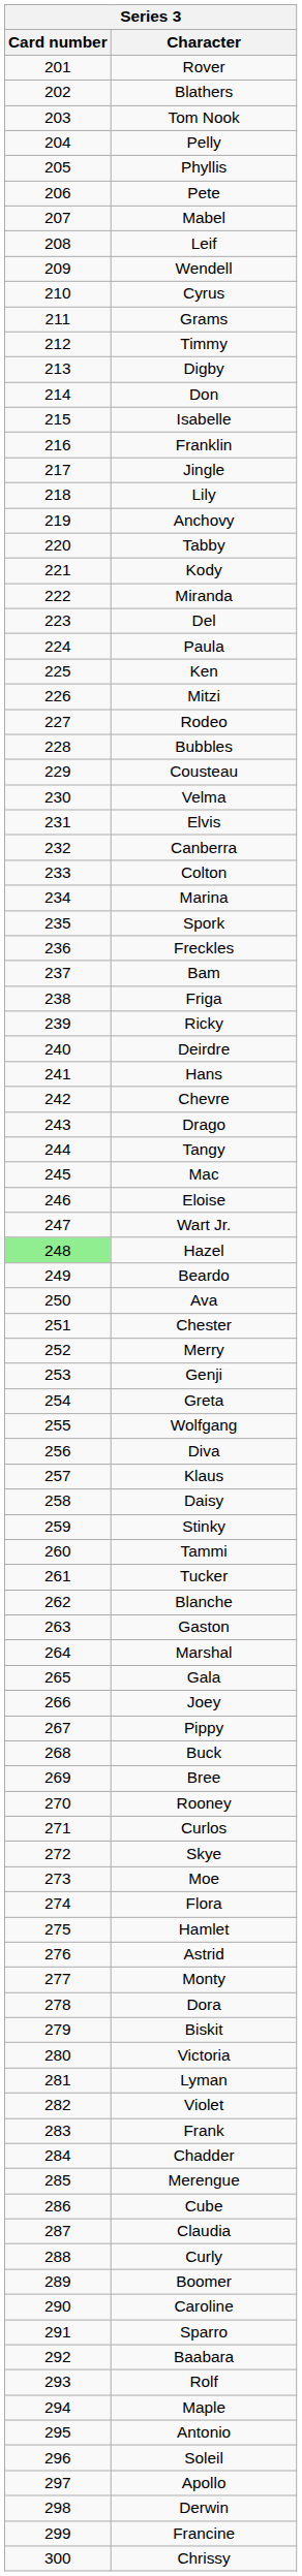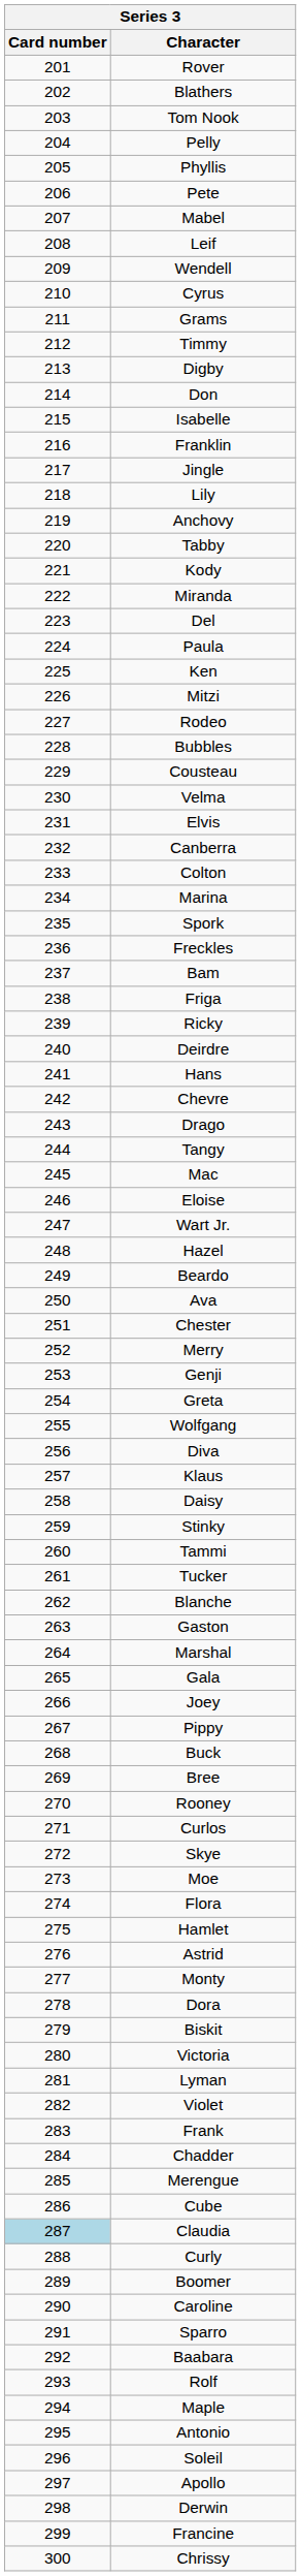 <table class="wikitable collapsible collapsed sortable" style="text-align:center;">
 <tr>
 <th colspan="2">Series 3</th>
 </tr>
 <tr>
 <th>Card number</th>
 <th style="width:180px">Character</th>
 </tr>
 <tr>
 <td>201</td>
 <td>Rover</td>
 </tr>
 <tr>
 <td>202</td>
 <td>Blathers</td>
 </tr>
 <tr>
 <td>203</td>
 <td>Tom Nook</td>
 </tr>
 <tr>
 <td>204</td>
 <td>Pelly</td>
 </tr>
 <tr>
 <td>205</td>
 <td>Phyllis</td>
 </tr>
 <tr>
 <td>206</td>
 <td>Pete</td>
 </tr>
 <tr>
 <td>207</td>
 <td>Mabel</td>
 </tr>
 <tr>
 <td>208</td>
 <td>Leif</td>
 </tr>
 <tr>
 <td>209</td>
 <td>Wendell</td>
 </tr>
 <tr>
 <td>210</td>
 <td>Cyrus</td>
 </tr>
 <tr>
 <td>211</td>
 <td>Grams</td>
 </tr>
 <tr>
 <td>212</td>
 <td>Timmy</td>
 </tr>
 <tr>
 <td>213</td>
 <td>Digby</td>
 </tr>
 <tr>
 <td>214</td>
 <td>Don</td>
 </tr>
 <tr>
 <td>215</td>
 <td>Isabelle</td>
 </tr>
 <tr>
 <td>216</td>
 <td>Franklin</td>
 </tr>
 <tr>
 <td>217</td>
 <td>Jingle</td>
 </tr>
 <tr>
 <td>218</td>
 <td>Lily</td>
 </tr>
 <tr>
 <td>219</td>
 <td>Anchovy</td>
 </tr>
 <tr>
 <td>220</td>
 <td>Tabby</td>
 </tr>
 <tr>
 <td>221</td>
 <td>Kody</td>
 </tr>
 <tr>
 <td>222</td>
 <td>Miranda</td>
 </tr>
 <tr>
 <td>223</td>
 <td>Del</td>
 </tr>
 <tr>
 <td>224</td>
 <td>Paula</td>
 </tr>
 <tr>
 <td>225</td>
 <td>Ken</td>
 </tr>
 <tr>
 <td>226</td>
 <td>Mitzi</td>
 </tr>
 <tr>
 <td>227</td>
 <td>Rodeo</td>
 </tr>
 <tr>
 <td>228</td>
 <td>Bubbles</td>
 </tr>
 <tr>
 <td>229</td>
 <td>Cousteau</td>
 </tr>
 <tr>
 <td>230</td>
 <td>Velma</td>
 </tr>
 <tr>
 <td>231</td>
 <td>Elvis</td>
 </tr>
 <tr>
 <td>232</td>
 <td>Canberra</td>
 </tr>
 <tr>
 <td>233</td>
 <td>Colton</td>
 </tr>
 <tr>
 <td>234</td>
 <td>Marina</td>
 </tr>
 <tr>
 <td>235</td>
 <td>Spork</td>
 </tr>
 <tr>
 <td>236</td>
 <td>Freckles</td>
 </tr>
 <tr>
 <td>237</td>
 <td>Bam</td>
 </tr>
 <tr>
 <td>238</td>
 <td>Friga</td>
 </tr>
 <tr>
 <td>239</td>
 <td>Ricky</td>
 </tr>
 <tr>
 <td>240</td>
 <td>Deirdre</td>
 </tr>
 <tr>
 <td>241</td>
 <td>Hans</td>
 </tr>
 <tr>
 <td>242</td>
 <td>Chevre</td>
 </tr>
 <tr>
 <td>243</td>
 <td>Drago</td>
 </tr>
 <tr>
 <td>244</td>
 <td>Tangy</td>
 </tr>
 <tr>
 <td>245</td>
 <td>Mac</td>
 </tr>
 <tr>
 <td>246</td>
 <td>Eloise</td>
 </tr>
 <tr>
 <td>247</td>
 <td>Wart Jr.</td>
 </tr>
 <tr>
-<td style="background: lightgreen;">248</td>
+<td>248</td>
 <td>Hazel</td>
 </tr>
 <tr>
 <td>249</td>
 <td>Beardo</td>
 </tr>
 <tr>
 <td>250</td>
 <td>Ava</td>
 </tr>
 <tr>
 <td>251</td>
 <td>Chester</td>
 </tr>
 <tr>
 <td>252</td>
 <td>Merry</td>
 </tr>
 <tr>
 <td>253</td>
 <td>Genji</td>
 </tr>
 <tr>
 <td>254</td>
 <td>Greta</td>
 </tr>
 <tr>
 <td>255</td>
 <td>Wolfgang</td>
 </tr>
 <tr>
 <td>256</td>
 <td>Diva</td>
 </tr>
 <tr>
 <td>257</td>
 <td>Klaus</td>
 </tr>
 <tr>
 <td>258</td>
 <td>Daisy</td>
 </tr>
 <tr>
 <td>259</td>
 <td>Stinky</td>
 </tr>
 <tr>
 <td>260</td>
 <td>Tammi</td>
 </tr>
 <tr>
 <td>261</td>
 <td>Tucker</td>
 </tr>
 <tr>
 <td>262</td>
 <td>Blanche</td>
 </tr>
 <tr>
 <td>263</td>
 <td>Gaston</td>
 </tr>
 <tr>
 <td>264</td>
 <td>Marshal</td>
 </tr>
 <tr>
 <td>265</td>
 <td>Gala</td>
 </tr>
 <tr>
 <td>266</td>
 <td>Joey</td>
 </tr>
 <tr>
 <td>267</td>
 <td>Pippy</td>
 </tr>
 <tr>
 <td>268</td>
 <td>Buck</td>
 </tr>
 <tr>
 <td>269</td>
 <td>Bree</td>
 </tr>
 <tr>
 <td>270</td>
 <td>Rooney</td>
 </tr>
 <tr>
 <td>271</td>
 <td>Curlos</td>
 </tr>
 <tr>
 <td>272</td>
 <td>Skye</td>
 </tr>
 <tr>
 <td>273</td>
 <td>Moe</td>
 </tr>
 <tr>
 <td>274</td>
 <td>Flora</td>
 </tr>
 <tr>
 <td>275</td>
 <td>Hamlet</td>
 </tr>
 <tr>
 <td>276</td>
 <td>Astrid</td>
 </tr>
 <tr>
 <td>277</td>
 <td>Monty</td>
 </tr>
 <tr>
 <td>278</td>
 <td>Dora</td>
 </tr>
 <tr>
 <td>279</td>
 <td>Biskit</td>
 </tr>
 <tr>
 <td>280</td>
 <td>Victoria</td>
 </tr>
 <tr>
 <td>281</td>
 <td>Lyman</td>
 </tr>
 <tr>
 <td>282</td>
 <td>Violet</td>
 </tr>
 <tr>
 <td>283</td>
 <td>Frank</td>
 </tr>
 <tr>
 <td>284</td>
 <td>Chadder</td>
 </tr>
 <tr>
 <td>285</td>
 <td>Merengue</td>
 </tr>
 <tr>
 <td>286</td>
 <td>Cube</td>
 </tr>
 <tr>
-<td>287</td>
+<td style="background: lightblue;">287</td>
 <td>Claudia</td>
 </tr>
 <tr>
 <td>288</td>
 <td>Curly</td>
 </tr>
 <tr>
 <td>289</td>
 <td>Boomer</td>
 </tr>
 <tr>
 <td>290</td>
 <td>Caroline</td>
 </tr>
 <tr>
 <td>291</td>
 <td>Sparro</td>
 </tr>
 <tr>
 <td>292</td>
 <td>Baabara</td>
 </tr>
 <tr>
 <td>293</td>
 <td>Rolf</td>
 </tr>
 <tr>
 <td>294</td>
 <td>Maple</td>
 </tr>
 <tr>
 <td>295</td>
 <td>Antonio</td>
 </tr>
 <tr>
 <td>296</td>
 <td>Soleil</td>
 </tr>
 <tr>
 <td>297</td>
 <td>Apollo</td>
 </tr>
 <tr>
 <td>298</td>
 <td>Derwin</td>
 </tr>
 <tr>
 <td>299</td>
 <td>Francine</td>
 </tr>
 <tr>
 <td>300</td>
 <td>Chrissy</td>
 </tr>
 </table>
